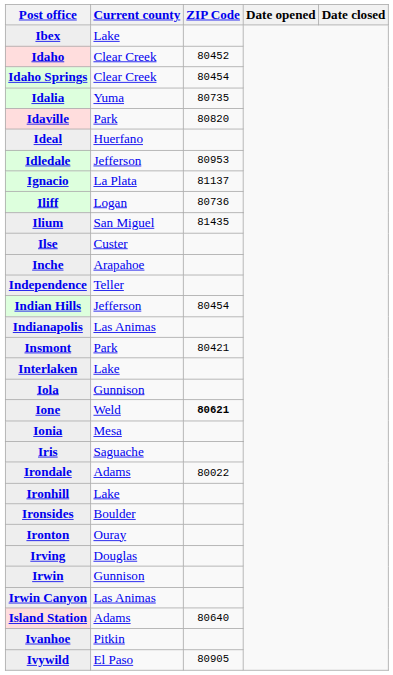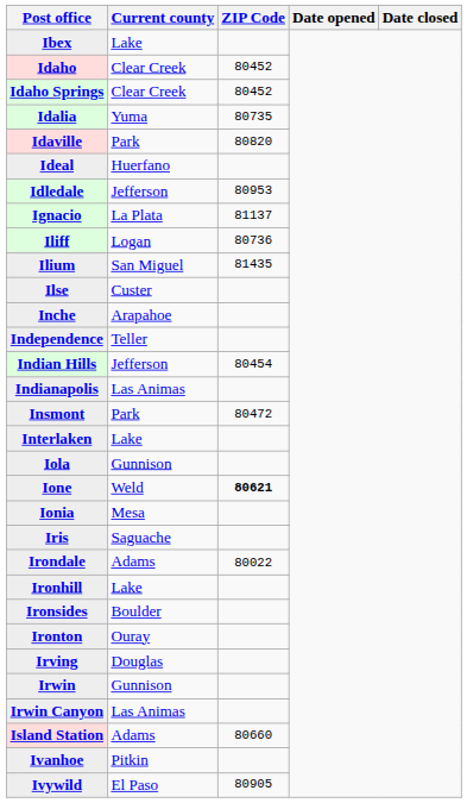 <table class="wikitable sortable  plainrowheaders" style="margin:auto;">
 <tr>
 <th scope=col><a href='#'>Post office</a></th>
 <th scope=col><a href='#'>Current county</a></th>
 <th scope=col><a href='#'>ZIP Code</a></th>
 <th scope=col>Date opened</th>
 <th scope=col>Date closed</th>
 </tr>
 <tr>
 <th scope=row rowspan=2 style="background-color:#EEEEEE;"><a href='#'>Ibex</a></th>
 <td rowspan=2><a href='#'>Lake</a></td>
 <td rowspan=2 align=center style="font-family:monospace;"><br> </td>
 </tr>
 <tr>
 </tr>
 <tr>
 <th scope=row rowspan=1 style="background-color:#FFDDDD;"><a href='#'>Idaho</a></th>
 <td rowspan=1><a href='#'>Clear Creek</a></td>
 <td rowspan=1 align=center style="font-family:monospace;">80452<br> </td>
 </tr>
 <tr>
 <th scope=row rowspan=1 style="background-color:#DDFFDD;"><a href='#'>Idaho Springs</a></th>
 <td rowspan=1><a href='#'>Clear Creek</a></td>
-<td rowspan=1 align=center style="font-family:monospace;">80454<br> </td>
+<td rowspan=1 align=center style="font-family:monospace;">80452<br> </td>
 </tr>
 <tr>
 <th scope=row rowspan=1 style="background-color:#DDFFDD;"><a href='#'>Idalia</a></th>
 <td rowspan=1><a href='#'>Yuma</a></td>
 <td rowspan=1 align=center style="font-family:monospace;">80735<br> </td>
 </tr>
 <tr>
 <th scope=row rowspan=1 style="background-color:#FFDDDD;"><a href='#'>Idaville</a></th>
 <td rowspan=1><a href='#'>Park</a></td>
 <td rowspan=1 align=center style="font-family:monospace;">80820<br> </td>
 </tr>
 <tr>
 <th scope=row rowspan=1 style="background-color:#EEEEEE;"><a href='#'>Ideal</a></th>
 <td rowspan=1><a href='#'>Huerfano</a></td>
 <td rowspan=1 align=center style="font-family:monospace;"><br> </td>
 </tr>
 <tr>
 <th scope=row rowspan=1 style="background-color:#DDFFDD;"><a href='#'>Idledale</a></th>
 <td rowspan=1><a href='#'>Jefferson</a></td>
 <td rowspan=1 align=center style="font-family:monospace;">80953<br> </td>
 </tr>
 <tr>
 <th scope=row rowspan=1 style="background-color:#DDFFDD;"><a href='#'>Ignacio</a></th>
 <td rowspan=1><a href='#'>La Plata</a></td>
 <td rowspan=1 align=center style="font-family:monospace;">81137<br> </td>
 </tr>
 <tr>
 <th scope=row rowspan=2 style="background-color:#DDFFDD;"><a href='#'>Iliff</a></th>
 <td rowspan=2><a href='#'>Logan</a></td>
 <td rowspan=2 align=center style="font-family:monospace;">80736<br> </td>
 </tr>
 <tr>
 </tr>
 <tr>
 <th scope=row rowspan=2 style="background-color:#EEEEEE;"><a href='#'>Ilium</a></th>
 <td rowspan=2><a href='#'>San Miguel</a></td>
 <td rowspan=2 align=center style="font-family:monospace;">81435<br> </td>
 </tr>
 <tr>
 </tr>
 <tr>
 <th scope=row rowspan=3 style="background-color:#EEEEEE;"><a href='#'>Ilse</a></th>
 <td rowspan=3><a href='#'>Custer</a></td>
 <td rowspan=3 align=center style="font-family:monospace;"><br> </td>
 </tr>
 <tr>
 </tr>
 <tr>
 </tr>
 <tr>
 <th scope=row rowspan=1 style="background-color:#EEEEEE;"><a href='#'>Inche</a></th>
 <td rowspan=1><a href='#'>Arapahoe</a></td>
 <td rowspan=1 align=center style="font-family:monospace;"><br> </td>
 </tr>
 <tr>
 <th scope=row rowspan=1 style="background-color:#EEEEEE;"><a href='#'>Independence</a></th>
 <td rowspan=1><a href='#'>Teller</a></td>
 <td rowspan=1 align=center style="font-family:monospace;"><br> </td>
 </tr>
 <tr>
 <th scope=row rowspan=1 style="background-color:#DDFFDD;"><a href='#'>Indian Hills</a></th>
 <td rowspan=1><a href='#'>Jefferson</a></td>
 <td rowspan=1 align=center style="font-family:monospace;">80454<br> </td>
 </tr>
 <tr>
 <th scope=row rowspan=1 style="background-color:#EEEEEE;"><a href='#'>Indianapolis</a></th>
 <td rowspan=1><a href='#'>Las Animas</a></td>
 <td rowspan=1 align=center style="font-family:monospace;"><br> </td>
 </tr>
 <tr>
 <th scope=row rowspan=1 style="background-color:#EEEEEE;"><a href='#'>Insmont</a></th>
 <td rowspan=1><a href='#'>Park</a></td>
-<td rowspan=1 align=center style="font-family:monospace;">80421<br> </td>
+<td rowspan=1 align=center style="font-family:monospace;">80472<br> </td>
 </tr>
 <tr>
 <th scope=row rowspan=2 style="background-color:#EEEEEE;"><a href='#'>Interlaken</a></th>
 <td rowspan=2><a href='#'>Lake</a></td>
 <td rowspan=2 align=center style="font-family:monospace;"><br> </td>
 </tr>
 <tr>
 </tr>
 <tr>
 <th scope=row rowspan=1 style="background-color:#EEEEEE;"><a href='#'>Iola</a></th>
 <td rowspan=1><a href='#'>Gunnison</a></td>
 <td rowspan=1 align=center style="font-family:monospace;"><br> </td>
 </tr>
 <tr>
 <th scope=row rowspan=1 style="background-color:#EEEEEE;"><a href='#'>Ione</a></th>
 <td rowspan=1><a href='#'>Weld</a></td>
 <td rowspan=1 align=center style="font-family:monospace;"><strong>80621<br> </strong></td>
 </tr>
 <tr>
 <th scope=row rowspan=1 style="background-color:#EEEEEE;"><a href='#'>Ionia</a></th>
 <td rowspan=1><a href='#'>Mesa</a></td>
 <td rowspan=1 align=center style="font-family:monospace;"><br> </td>
 </tr>
 <tr>
 <th scope=row rowspan=2 style="background-color:#EEEEEE;"><a href='#'>Iris</a></th>
 <td rowspan=2><a href='#'>Saguache</a></td>
 <td rowspan=2 align=center style="font-family:monospace;"><br> </td>
 </tr>
 <tr>
 </tr>
 <tr>
 <th scope=row rowspan=1 style="background-color:#EEEEEE;"><a href='#'>Irondale</a></th>
 <td rowspan=1><a href='#'>Adams</a></td>
 <td rowspan=1 align=center style="font-family:monospace;">80022<br> </td>
 </tr>
 <tr>
 <th scope=row rowspan=1 style="background-color:#EEEEEE;"><a href='#'>Ironhill</a></th>
 <td rowspan=1><a href='#'>Lake</a></td>
 <td rowspan=1 align=center style="font-family:monospace;"><br> </td>
 </tr>
 <tr>
 <th scope=row rowspan=1 style="background-color:#EEEEEE;"><a href='#'>Ironsides</a></th>
 <td rowspan=1><a href='#'>Boulder</a></td>
 <td rowspan=1 align=center style="font-family:monospace;"><br> </td>
 </tr>
 <tr>
 <th scope=row rowspan=2 style="background-color:#EEEEEE;"><a href='#'>Ironton</a></th>
 <td rowspan=2><a href='#'>Ouray</a></td>
 <td rowspan=2 align=center style="font-family:monospace;"><br> </td>
 </tr>
 <tr>
 </tr>
 <tr>
 <th scope=row rowspan=1 style="background-color:#EEEEEE;"><a href='#'>Irving</a></th>
 <td rowspan=1><a href='#'>Douglas</a></td>
 <td rowspan=1 align=center style="font-family:monospace;"><br> </td>
 </tr>
 <tr>
 <th scope=row rowspan=2 style="background-color:#EEEEEE;"><a href='#'>Irwin</a></th>
 <td rowspan=2><a href='#'>Gunnison</a></td>
 <td rowspan=2 align=center style="font-family:monospace;"><br> </td>
 </tr>
 <tr>
 </tr>
 <tr>
 <th scope=row rowspan=1 style="background-color:#EEEEEE;"><a href='#'>Irwin Canyon</a></th>
 <td rowspan=1><a href='#'>Las Animas</a></td>
 <td rowspan=1 align=center style="font-family:monospace;"><br> </td>
 </tr>
 <tr>
 <th scope=row rowspan=1 style="background-color:#FFDDDD;"><a href='#'>Island Station</a></th>
 <td rowspan=1><a href='#'>Adams</a></td>
-<td rowspan=1 align=center style="font-family:monospace;">80640<br> </td>
+<td rowspan=1 align=center style="font-family:monospace;">80660<br> </td>
 </tr>
 <tr>
 <th scope=row rowspan=3 style="background-color:#EEEEEE;"><a href='#'>Ivanhoe</a></th>
 <td rowspan=3><a href='#'>Pitkin</a></td>
 <td rowspan=3 align=center style="font-family:monospace;"><br> </td>
 </tr>
 <tr>
 </tr>
 <tr>
 </tr>
 <tr>
 <th scope=row rowspan=1 style="background-color:#EEEEEE;"><a href='#'>Ivywild</a></th>
 <td rowspan=1><a href='#'>El Paso</a></td>
 <td rowspan=1 align=center style="font-family:monospace;">80905<br> </td>
 </tr>
 </table>
